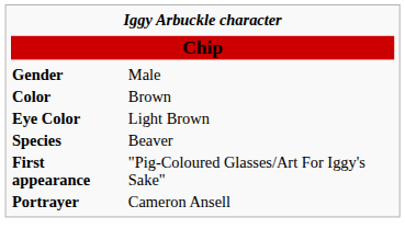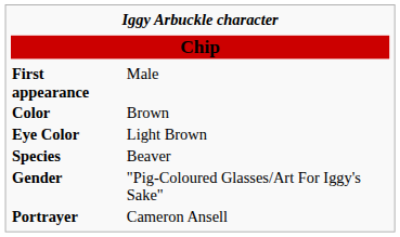 <table class="infobox" style="width: 25em;">
 <tr>
 <td colspan="2" style="text-align:center;"><strong><em>Iggy Arbuckle character</em></strong></td>
 </tr>
 <tr>
 <td colspan="2" style="text-align:center;"></td>
 </tr>
 <tr>
 <th colspan="2" style="font-size: larger; background-color:#c00; color:#000;"><strong>Chip</strong></th>
 </tr>
 <tr>
 <td colspan="2"></td>
 </tr>
 <tr>
-<td><strong>Gender</strong></td>
+<td><strong>First appearance</strong></td>
 <td>Male</td>
 </tr>
 <tr>
 <td><strong>Color</strong></td>
 <td>Brown</td>
 </tr>
 <tr>
 <td><strong>Eye Color</strong></td>
 <td>Light Brown</td>
 </tr>
 <tr>
 <td><strong>Species</strong></td>
 <td>Beaver</td>
 </tr>
 <tr>
-<td><strong>First appearance</strong></td>
+<td><strong>Gender</strong></td>
 <td>"Pig-Coloured Glasses/Art For Iggy's Sake"</td>
 </tr>
 <tr>
 <td><strong>Portrayer</strong></td>
 <td>Cameron Ansell</td>
 </tr>
 </table>
